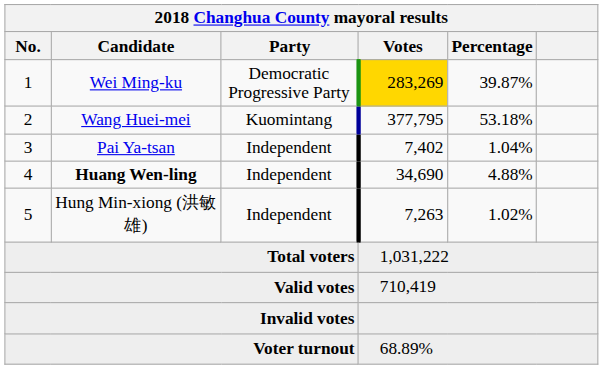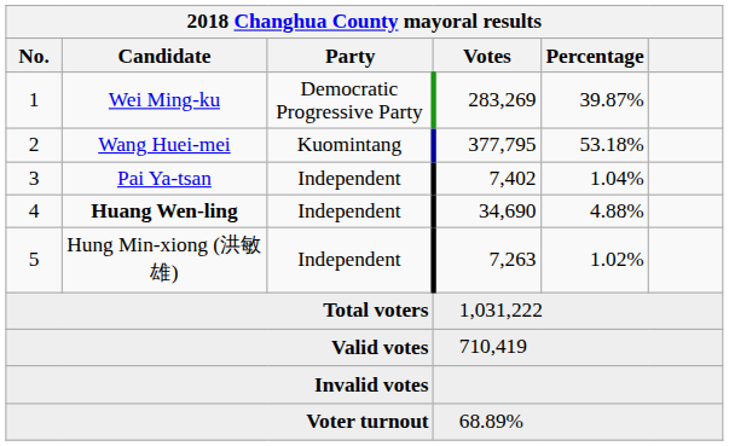 <table class="wikitable collapsible" style="margin:1em auto; text-align:center">
 <tr>
 <th colspan="6">2018 <a href='#'>Changhua County</a> mayoral results</th>
 </tr>
 <tr>
 <th width=35>No.</th>
 <th width=150>Candidate</th>
 <th width=120>Party</th>
 <th width=75>Votes</th>
 <th width=75>Percentage</th>
 <th width=49></th>
 </tr>
 <tr>
 <td>1</td>
 <td><a href='#'>Wei Ming-ku</a></td>
 <td>Democratic Progressive Party</td>
-<td style="background: gold; border-left:4px solid #1B9413;" align="right">283,269</td>
+<td style="border-left:4px solid #1B9413;" align="right">283,269</td>
 <td align="right">39.87%</td>
 <td align="center"></td>
 </tr>
 <tr>
 <td>2</td>
 <td><a href='#'>Wang Huei-mei</a></td>
 <td> Kuomintang</td>
 <td style="border-left:4px solid #000099;" align="right">377,795</td>
 <td align="right">53.18%</td>
 <td align="center"></td>
 </tr>
 <tr>
 <td>3</td>
 <td><a href='#'>Pai Ya-tsan</a></td>
 <td> Independent</td>
 <td style="border-left:4px solid #000000;" align="right">7,402</td>
 <td align="right">1.04%</td>
 <td align="center"></td>
 </tr>
 <tr>
 <td>4</td>
 <td><strong>Huang Wen-ling</strong></td>
 <td> Independent</td>
 <td style="border-left:4px solid #000000;" align="right">34,690</td>
 <td align="right">4.88%</td>
 <td align="center"></td>
 </tr>
 <tr>
 <td>5</td>
 <td>Hung Min-xiong (洪敏雄)</td>
 <td> Independent</td>
 <td style="border-left:4px solid #000000;" align="right">7,263</td>
 <td align="right">1.02%</td>
 <td align="center"></td>
 </tr>
 <tr bgcolor=EEEEEE>
 <td colspan="3" align="right"><strong>Total voters</strong></td>
 <td colspan="3" align="left">　1,031,222</td>
 </tr>
 <tr bgcolor=EEEEEE>
 <td colspan="3" align="right"><strong>Valid votes</strong></td>
 <td colspan="3" align="left">　710,419</td>
 </tr>
 <tr bgcolor=EEEEEE>
 <td colspan="3" align="right"><strong>Invalid votes</strong></td>
 <td colspan="3" align="left">　</td>
 </tr>
 <tr bgcolor=EEEEEE>
 <td colspan="3" align="right"><strong>Voter turnout</strong></td>
 <td colspan="3" align="left">　68.89%</td>
 </tr>
 </table>
